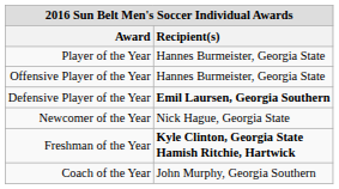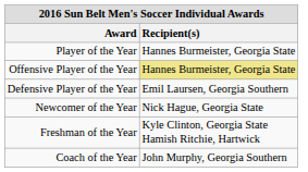 <table class="wikitable" style="white-space:nowrap; font-size:90%;">
 <tr>
 <td colspan="7" style="text-align:center; background:#ddd;"><strong>2016 Sun Belt  Men's Soccer Individual Awards</strong></td>
 </tr>
 <tr>
 <th style="text-align:right;">Award</th>
 <th style="text-align:left;">Recipient(s)</th>
 </tr>
 <tr>
 <td style="text-align:right;">Player of the Year</td>
 <td style="text-align:left;">Hannes Burmeister, Georgia State</td>
 </tr>
 <tr>
 <td style="text-align:right;">Offensive Player of the Year</td>
-<td style="text-align:left;">Hannes Burmeister, Georgia State</td>
+<td style="background: khaki; text-align:left;">Hannes Burmeister, Georgia State</td>
 </tr>
 <tr>
 <td style="text-align:right;">Defensive Player of the Year</td>
-<td style="text-align:left;"><strong>Emil Laursen, Georgia Southern</strong></td>
+<td style="text-align:left;">Emil Laursen, Georgia Southern</td>
 </tr>
 <tr>
 <td style="text-align:right;">Newcomer of the Year</td>
 <td style="text-align:left;">Nick Hague, Georgia State</td>
 </tr>
 <tr>
 <td style="text-align:right;">Freshman of the Year</td>
-<td style="text-align:left;"><strong>Kyle Clinton, Georgia State<br>Hamish Ritchie, Hartwick</strong></td>
+<td style="text-align:left;">Kyle Clinton, Georgia State<br>Hamish Ritchie, Hartwick</td>
 </tr>
 <tr>
 <td style="text-align:right;">Coach of the Year</td>
 <td style="text-align:left;">John Murphy, Georgia Southern</td>
 </tr>
 </table>
